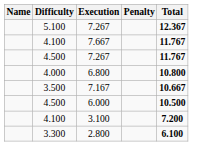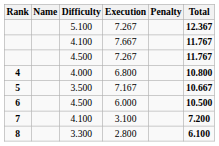 <table class="wikitable sortable" style="text-align:center">
 <tr>
+<th>Rank</th>
 <th>Name</th>
 <th>Difficulty</th>
 <th>Execution</th>
 <th>Penalty</th>
 <th>Total</th>
 </tr>
 <tr>
+<td></td>
 <td align="left"></td>
 <td>5.100</td>
 <td>7.267</td>
 <td></td>
 <td><strong>12.367</strong></td>
 </tr>
 <tr>
+<td></td>
 <td align="left"></td>
 <td>4.100</td>
 <td>7.667</td>
 <td></td>
 <td><strong>11.767</strong></td>
 </tr>
 <tr>
+<td></td>
 <td align="left"></td>
 <td>4.500</td>
 <td>7.267</td>
 <td></td>
 <td><strong>11.767</strong></td>
 </tr>
 <tr>
+<td><strong>4</strong></td>
 <td align="left"></td>
 <td>4.000</td>
 <td>6.800</td>
 <td></td>
 <td><strong>10.800</strong></td>
 </tr>
 <tr>
+<td><strong>5</strong></td>
 <td align="left"></td>
 <td>3.500</td>
 <td>7.167</td>
 <td></td>
 <td><strong>10.667</strong></td>
 </tr>
 <tr>
+<td><strong>6</strong></td>
 <td align="left"></td>
 <td>4.500</td>
 <td>6.000</td>
 <td></td>
 <td><strong>10.500</strong></td>
 </tr>
 <tr>
+<td><strong>7</strong></td>
 <td align="left"></td>
 <td>4.100</td>
 <td>3.100</td>
 <td></td>
 <td><strong>7.200</strong></td>
 </tr>
 <tr>
+<td><strong>8</strong></td>
 <td align="left"></td>
 <td>3.300</td>
 <td>2.800</td>
 <td></td>
 <td><strong>6.100</strong></td>
 </tr>
 </table>
